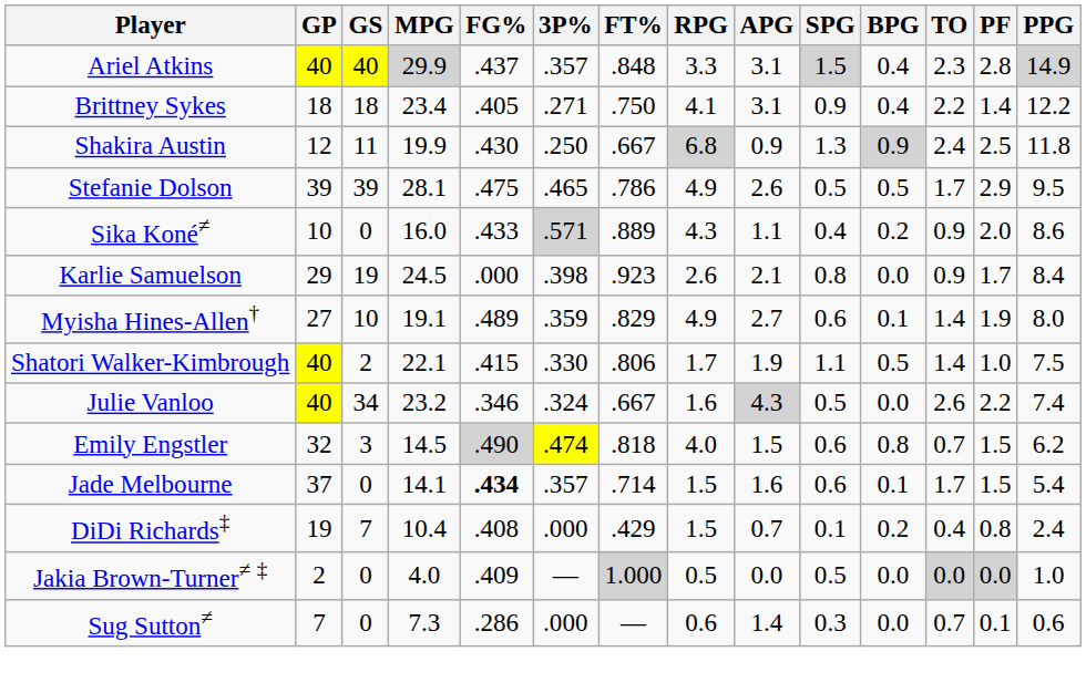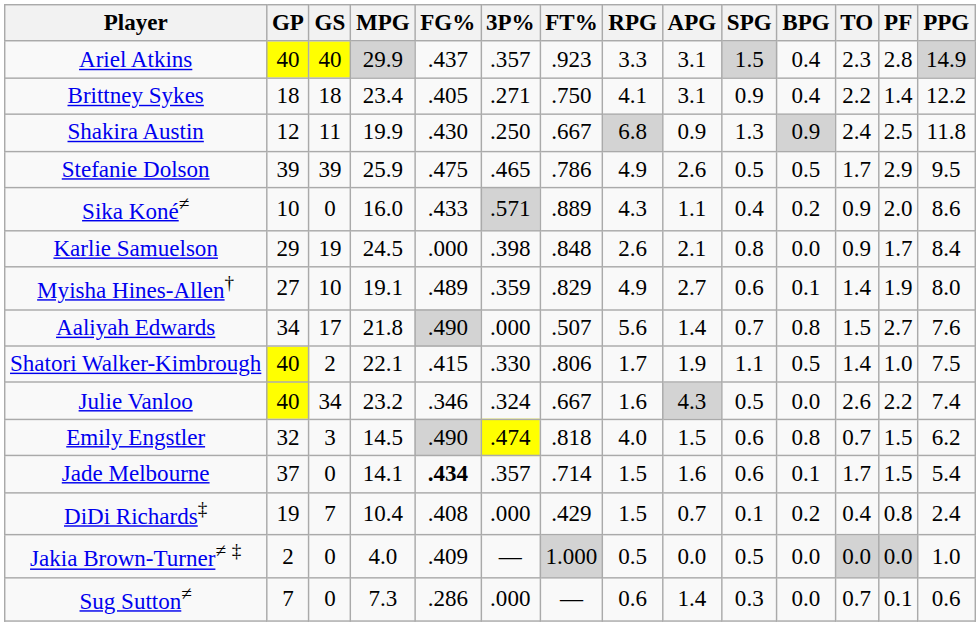 <table class="wikitable sortable" style="text-align:center;">
 <tr>
 <th>Player</th>
 <th>GP</th>
 <th>GS</th>
 <th>MPG</th>
 <th>FG%</th>
 <th>3P%</th>
 <th>FT%</th>
 <th>RPG</th>
 <th>APG</th>
 <th>SPG</th>
 <th>BPG</th>
 <th>TO</th>
 <th>PF</th>
 <th>PPG</th>
 </tr>
 <tr>
 <td><a href='#'>Ariel Atkins</a></td>
 <td style="background:yellow;">40</td>
 <td style="background:yellow;">40</td>
 <td style="background:#D3D3D3;">29.9</td>
 <td>.437</td>
 <td>.357</td>
-<td>.848</td>
+<td>.923</td>
 <td>3.3</td>
 <td>3.1</td>
 <td style="background:#D3D3D3;">1.5</td>
 <td>0.4</td>
 <td>2.3</td>
 <td>2.8</td>
 <td style="background:#D3D3D3;">14.9</td>
 </tr>
 <tr>
 <td><a href='#'>Brittney Sykes</a></td>
 <td>18</td>
 <td>18</td>
 <td>23.4</td>
 <td>.405</td>
 <td>.271</td>
 <td>.750</td>
 <td>4.1</td>
 <td>3.1</td>
 <td>0.9</td>
 <td>0.4</td>
 <td>2.2</td>
 <td>1.4</td>
 <td>12.2</td>
 </tr>
 <tr>
 <td><a href='#'>Shakira Austin</a></td>
 <td>12</td>
 <td>11</td>
 <td>19.9</td>
 <td>.430</td>
 <td>.250</td>
 <td>.667</td>
 <td style="background:#D3D3D3;">6.8</td>
 <td>0.9</td>
 <td>1.3</td>
 <td style="background:#D3D3D3;">0.9</td>
 <td>2.4</td>
 <td>2.5</td>
 <td>11.8</td>
 </tr>
 <tr>
 <td><a href='#'>Stefanie Dolson</a></td>
 <td>39</td>
 <td>39</td>
-<td>28.1</td>
+<td>25.9</td>
 <td>.475</td>
 <td>.465</td>
 <td>.786</td>
 <td>4.9</td>
 <td>2.6</td>
 <td>0.5</td>
 <td>0.5</td>
 <td>1.7</td>
 <td>2.9</td>
 <td>9.5</td>
 </tr>
 <tr>
 <td><a href='#'>Sika Koné</a><sup>≠</sup></td>
 <td>10</td>
 <td>0</td>
 <td>16.0</td>
 <td>.433</td>
 <td style="background:#D3D3D3;">.571</td>
 <td>.889</td>
 <td>4.3</td>
 <td>1.1</td>
 <td>0.4</td>
 <td>0.2</td>
 <td>0.9</td>
 <td>2.0</td>
 <td>8.6</td>
 </tr>
 <tr>
 <td><a href='#'>Karlie Samuelson</a></td>
 <td>29</td>
 <td>19</td>
 <td>24.5</td>
 <td>.000</td>
 <td>.398</td>
-<td>.923</td>
+<td>.848</td>
 <td>2.6</td>
 <td>2.1</td>
 <td>0.8</td>
 <td>0.0</td>
 <td>0.9</td>
 <td>1.7</td>
 <td>8.4</td>
 </tr>
 <tr>
 <td><a href='#'>Myisha Hines-Allen</a><sup>†</sup></td>
 <td>27</td>
 <td>10</td>
 <td>19.1</td>
 <td>.489</td>
 <td>.359</td>
 <td>.829</td>
 <td>4.9</td>
 <td>2.7</td>
 <td>0.6</td>
 <td>0.1</td>
 <td>1.4</td>
 <td>1.9</td>
 <td>8.0</td>
+</tr>
+<tr>
+<td><a href='#'>Aaliyah Edwards</a></td>
+<td>34</td>
+<td>17</td>
+<td>21.8</td>
+<td style="background:#D3D3D3;">.490</td>
+<td>.000</td>
+<td>.507</td>
+<td>5.6</td>
+<td>1.4</td>
+<td>0.7</td>
+<td>0.8</td>
+<td>1.5</td>
+<td>2.7</td>
+<td>7.6</td>
 </tr>
 <tr>
 <td><a href='#'>Shatori Walker-Kimbrough</a></td>
 <td style="background:yellow;">40</td>
 <td>2</td>
 <td>22.1</td>
 <td>.415</td>
 <td>.330</td>
 <td>.806</td>
 <td>1.7</td>
 <td>1.9</td>
 <td>1.1</td>
 <td>0.5</td>
 <td>1.4</td>
 <td>1.0</td>
 <td>7.5</td>
 </tr>
 <tr>
 <td><a href='#'>Julie Vanloo</a></td>
 <td style="background:yellow;">40</td>
 <td>34</td>
 <td>23.2</td>
 <td>.346</td>
 <td>.324</td>
 <td>.667</td>
 <td>1.6</td>
 <td style="background:#D3D3D3;">4.3</td>
 <td>0.5</td>
 <td>0.0</td>
 <td>2.6</td>
 <td>2.2</td>
 <td>7.4</td>
 </tr>
 <tr>
 <td><a href='#'>Emily Engstler</a></td>
 <td>32</td>
 <td>3</td>
 <td>14.5</td>
 <td style="background:#D3D3D3;">.490</td>
 <td style="background:yellow;">.474</td>
 <td>.818</td>
 <td>4.0</td>
 <td>1.5</td>
 <td>0.6</td>
 <td>0.8</td>
 <td>0.7</td>
 <td>1.5</td>
 <td>6.2</td>
 </tr>
 <tr>
 <td><a href='#'>Jade Melbourne</a></td>
 <td>37</td>
 <td>0</td>
 <td>14.1</td>
 <td><strong>.434</strong></td>
 <td>.357</td>
 <td>.714</td>
 <td>1.5</td>
 <td>1.6</td>
 <td>0.6</td>
 <td>0.1</td>
 <td>1.7</td>
 <td>1.5</td>
 <td>5.4</td>
 </tr>
 <tr>
 <td><a href='#'>DiDi Richards</a><sup>‡</sup></td>
 <td>19</td>
 <td>7</td>
 <td>10.4</td>
 <td>.408</td>
 <td>.000</td>
 <td>.429</td>
 <td>1.5</td>
 <td>0.7</td>
 <td>0.1</td>
 <td>0.2</td>
 <td>0.4</td>
 <td>0.8</td>
 <td>2.4</td>
 </tr>
 <tr>
 <td><a href='#'>Jakia Brown-Turner</a><sup>≠</sup> <sup>‡</sup></td>
 <td>2</td>
 <td>0</td>
 <td>4.0</td>
 <td>.409</td>
 <td>—</td>
 <td style="background:#D3D3D3;">1.000</td>
 <td>0.5</td>
 <td>0.0</td>
 <td>0.5</td>
 <td>0.0</td>
 <td style="background:#D3D3D3;">0.0</td>
 <td style="background:#D3D3D3;">0.0</td>
 <td>1.0</td>
 </tr>
 <tr>
 <td><a href='#'>Sug Sutton</a><sup>≠</sup></td>
 <td>7</td>
 <td>0</td>
 <td>7.3</td>
 <td>.286</td>
 <td>.000</td>
 <td>—</td>
 <td>0.6</td>
 <td>1.4</td>
 <td>0.3</td>
 <td>0.0</td>
 <td>0.7</td>
 <td>0.1</td>
 <td>0.6</td>
 </tr>
 </table>
